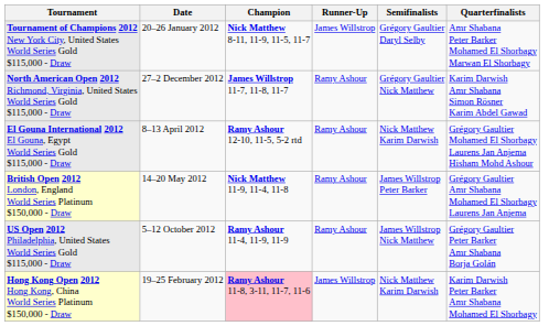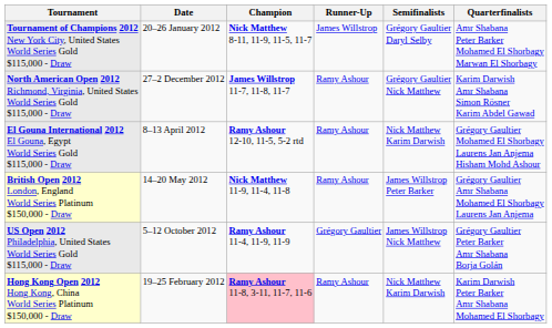 <table class="wikitable" style="font-size:88%">
 <tr>
 <th>Tournament</th>
 <th>Date</th>
 <th>Champion</th>
 <th>Runner-Up</th>
 <th>Semifinalists</th>
 <th>Quarterfinalists</th>
 </tr>
 <tr valign=top>
 <td style="background:#E9E9E9;"><strong><a href='#'>Tournament of Champions</a> <a href='#'>2012</a></strong><br> <a href='#'>New York City</a>, United States<br><a href='#'>World Series</a> Gold<br>$115,000 - <a href='#'>Draw</a></td>
 <td>20–26 January 2012</td>
 <td> <strong><a href='#'>Nick Matthew</a></strong><br>8-11, 11-9, 11-5, 11-7</td>
 <td> <a href='#'>James Willstrop</a></td>
 <td> <a href='#'>Grégory Gaultier</a><br> <a href='#'>Daryl Selby</a></td>
 <td> <a href='#'>Amr Shabana</a><br> <a href='#'>Peter Barker</a><br> <a href='#'>Mohamed El Shorbagy</a><br> <a href='#'>Marwan El Shorbagy</a></td>
 </tr>
 <tr valign=top>
 <td style="background:#E9E9E9;"><strong><a href='#'>North American Open</a> <a href='#'>2012</a></strong><br> <a href='#'>Richmond, Virginia</a>, United States<br><a href='#'>World Series</a> Gold<br>$115,000 - <a href='#'>Draw</a></td>
 <td>27–2 December 2012</td>
 <td> <strong><a href='#'>James Willstrop</a></strong><br>11-7, 11-8, 11-7</td>
 <td> <a href='#'>Ramy Ashour</a></td>
 <td> <a href='#'>Grégory Gaultier</a><br> <a href='#'>Nick Matthew</a></td>
 <td> <a href='#'>Karim Darwish</a><br> <a href='#'>Amr Shabana</a><br> <a href='#'>Simon Rösner</a><br> <a href='#'>Karim Abdel Gawad</a></td>
 </tr>
 <tr valign=top>
 <td style="background:#E9E9E9;"><strong><a href='#'>El Gouna International</a> <a href='#'>2012</a></strong><br> <a href='#'>El Gouna</a>, Egypt<br><a href='#'>World Series</a> Gold<br>$115,000 - <a href='#'>Draw</a></td>
 <td>8–13 April 2012</td>
 <td> <strong><a href='#'>Ramy Ashour</a></strong><br>12-10, 11-5, 5-2 rtd</td>
 <td> <a href='#'>Ramy Ashour</a></td>
 <td> <a href='#'>Nick Matthew</a><br> <a href='#'>Karim Darwish</a></td>
 <td> <a href='#'>Grégory Gaultier</a><br> <a href='#'>Mohamed El Shorbagy</a><br> <a href='#'>Laurens Jan Anjema</a><br> <a href='#'>Hisham Mohd Ashour</a></td>
 </tr>
 <tr valign=top>
 <td style="background:#ffc;"><strong><a href='#'>British Open</a> <a href='#'>2012</a></strong><br> <a href='#'>London</a>, England<br><a href='#'>World Series</a> Platinum<br>$150,000 - <a href='#'>Draw</a></td>
 <td>14–20 May 2012</td>
 <td> <strong><a href='#'>Nick Matthew</a></strong><br>11-9, 11-4, 11-8</td>
 <td> <a href='#'>Ramy Ashour</a></td>
 <td> <a href='#'>James Willstrop</a><br> <a href='#'>Peter Barker</a></td>
 <td> <a href='#'>Grégory Gaultier</a><br> <a href='#'>Amr Shabana</a><br> <a href='#'>Mohamed El Shorbagy</a><br> <a href='#'>Laurens Jan Anjema</a></td>
 </tr>
 <tr valign=top>
 <td style="background:#E9E9E9;"><strong><a href='#'>US Open</a> <a href='#'>2012</a></strong><br> <a href='#'>Philadelphia</a>, United States<br><a href='#'>World Series</a> Gold<br>$115,000 - <a href='#'>Draw</a></td>
 <td>5–12 October 2012</td>
 <td> <strong><a href='#'>Ramy Ashour</a></strong><br>11-4, 11-9, 11-9</td>
-<td> <a href='#'>Ramy Ashour</a></td>
+<td> <a href='#'>Grégory Gaultier</a></td>
 <td> <a href='#'>James Willstrop</a><br> <a href='#'>Nick Matthew</a></td>
 <td> <a href='#'>Grégory Gaultier</a><br> <a href='#'>Peter Barker</a><br> <a href='#'>Amr Shabana</a><br> <a href='#'>Borja Golán</a></td>
 </tr>
 <tr valign=top>
 <td style="background:#ffc;"><strong><a href='#'>Hong Kong Open</a> <a href='#'>2012</a></strong><br> <a href='#'>Hong Kong</a>, China<br><a href='#'>World Series</a> Platinum<br>$150,000 - <a href='#'>Draw</a></td>
 <td>19–25 February 2012</td>
 <td style="background: pink;"> <strong><a href='#'>Ramy Ashour</a></strong><br>11-8, 3-11, 11-7, 11-6</td>
-<td> <a href='#'>James Willstrop</a></td>
+<td> <a href='#'>Ramy Ashour</a></td>
 <td> <a href='#'>Nick Matthew</a><br> <a href='#'>Karim Darwish</a></td>
 <td> <a href='#'>Karim Darwish</a><br> <a href='#'>Peter Barker</a><br> <a href='#'>Amr Shabana</a><br> <a href='#'>Mohamed El Shorbagy</a></td>
 </tr>
 </table>
